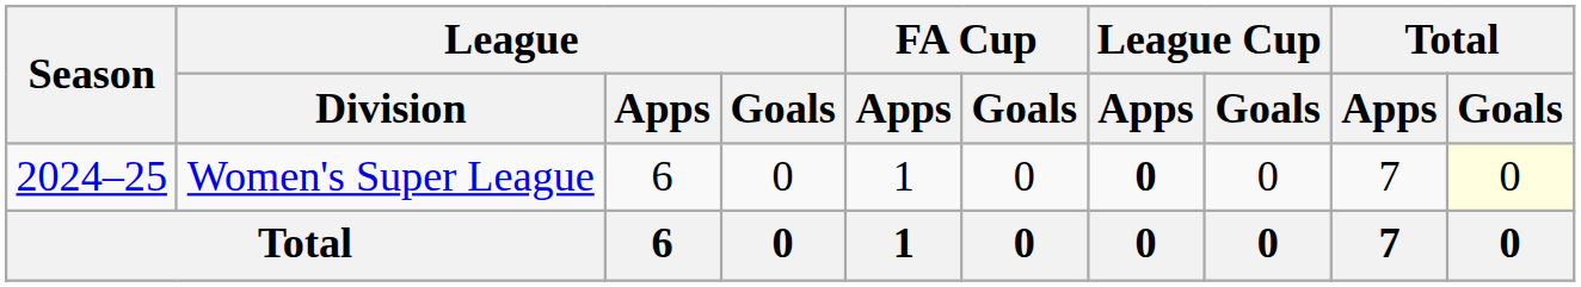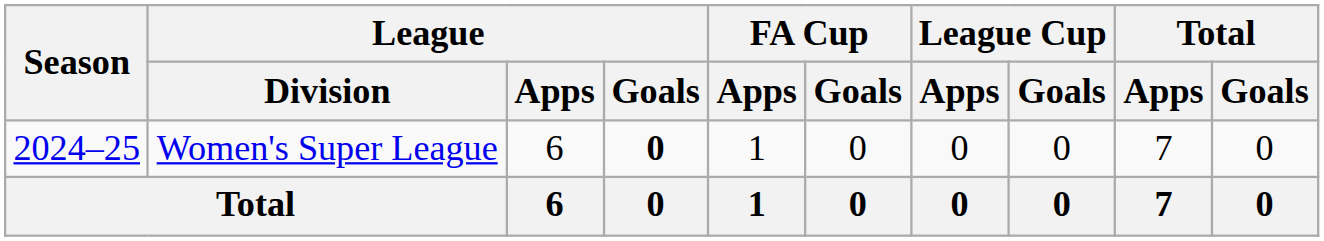 <table class="wikitable" style="text-align: center;">
 <tr>
 <th rowspan="2">Season</th>
 <th colspan="3">League</th>
 <th colspan="2">FA Cup</th>
 <th colspan="2">League Cup</th>
 <th colspan="2">Total</th>
 </tr>
 <tr>
 <th>Division</th>
 <th>Apps</th>
 <th>Goals</th>
 <th>Apps</th>
 <th>Goals</th>
 <th>Apps</th>
 <th>Goals</th>
 <th>Apps</th>
 <th>Goals</th>
 </tr>
 <tr>
 <td><a href='#'>2024–25</a></td>
 <td><a href='#'>Women's Super League</a></td>
 <td>6</td>
-<td>0</td>
+<td><strong>0</strong></td>
 <td>1</td>
 <td>0</td>
-<td><strong>0</strong></td>
+<td>0</td>
 <td>0</td>
 <td>7</td>
-<td style="background: lightyellow;">0</td>
+<td>0</td>
 </tr>
 <tr>
 <th colspan="2">Total</th>
 <th>6</th>
 <th>0</th>
 <th>1</th>
 <th>0</th>
 <th>0</th>
 <th>0</th>
 <th>7</th>
 <th>0</th>
 </tr>
 </table>
